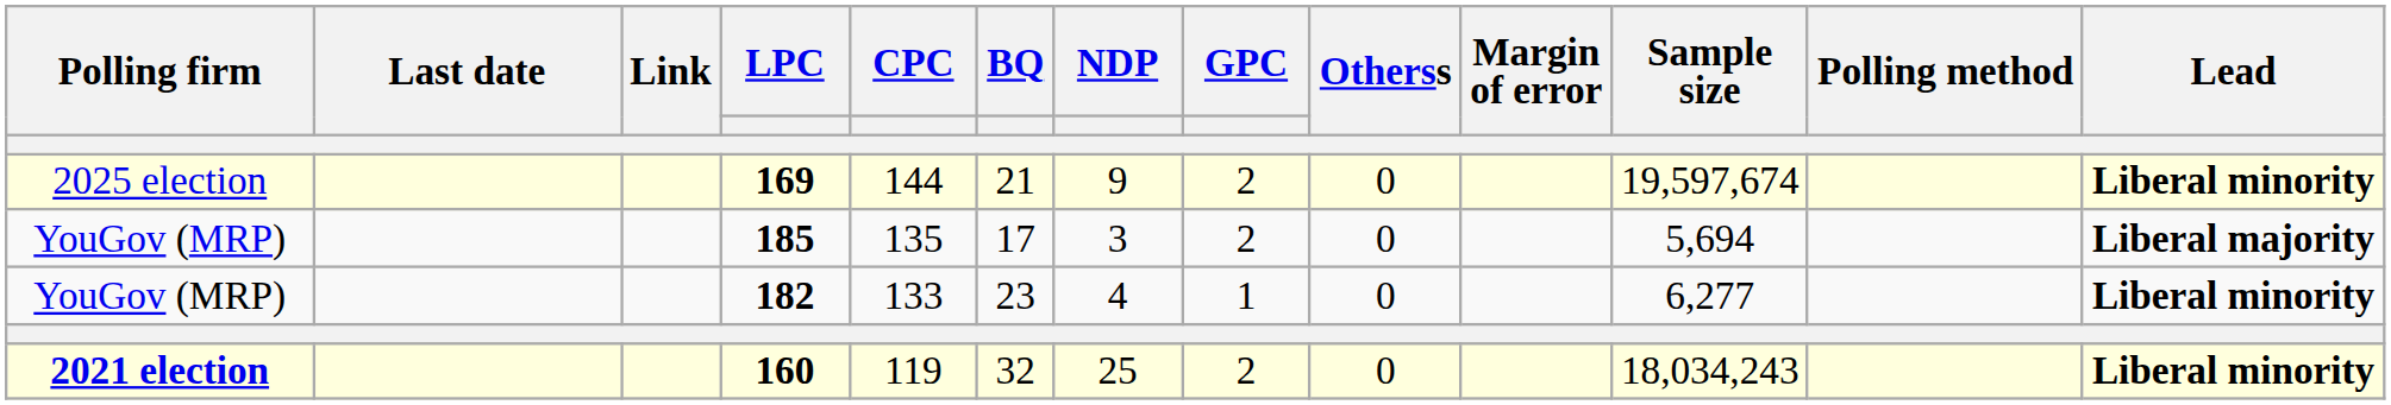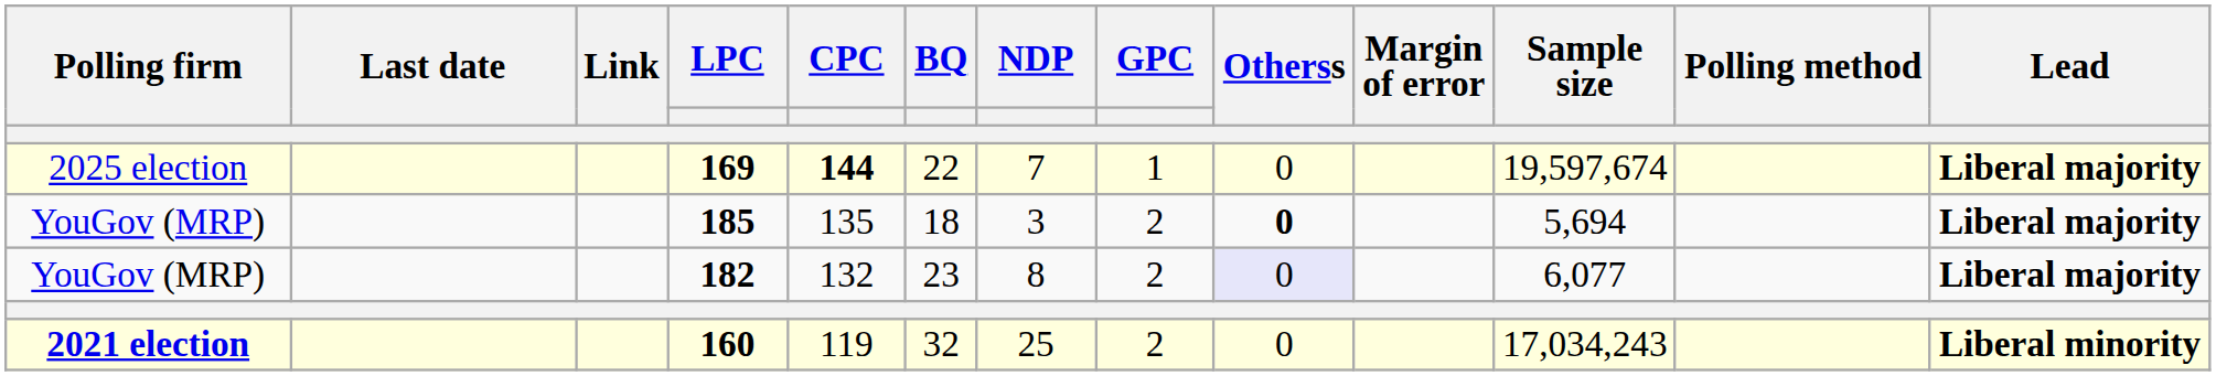 <table class="wikitable sortable mw-datatable mw-collapsible" style="text-align:center;font-size:90%;line-height:14px;">
 <tr style="height:40px;">
 <th rowspan="2" style="width:105px;">Polling firm</th>
 <th rowspan="2" style="width:105px;">Last date</th>
 <th rowspan="2">Link</th>
 <th style="width:40px;"><a href='#'>LPC</a></th>
 <th style="width:40px;"><a href='#'>CPC</a></th>
 <th><a href='#'>BQ</a></th>
 <th style="width:40px;"><a href='#'>NDP</a></th>
 <th style="width:40px;"><a href='#'>GPC</a></th>
 <th rowspan="2" style="width:40px"><a href='#'>Others</a>s</th>
 <th rowspan="2">Margin<br>of error</th>
 <th rowspan="2">Sample<br>size</th>
 <th rowspan="2">Polling method</th>
 <th rowspan="2">Lead</th>
 </tr>
 <tr class="sorttop">
 <th style="background:"></th>
 <th style="background:"></th>
 <th style="background:"></th>
 <th style="background:"></th>
 <th style="background:"></th>
 </tr>
 <tr>
 <th colspan="14"></th>
 </tr>
 <tr style="background:#ffd;">
 <td><a href='#'>2025 election</a></td>
 <td></td>
 <td></td>
 <td><strong>169</strong></td>
-<td>144</td>
-<td>21</td>
-<td>9</td>
-<td>2</td>
+<td><strong>144</strong></td>
+<td>22</td>
+<td>7</td>
+<td>1</td>
 <td>0</td>
 <td></td>
 <td>19,597,674</td>
 <td></td>
-<td><strong>Liberal minority</strong></td>
+<td><strong>Liberal majority</strong></td>
 </tr>
 <tr>
 <td><a href='#'>YouGov</a> (<a href='#'>MRP</a>)</td>
 <td></td>
 <td></td>
 <td><strong>185</strong></td>
 <td>135</td>
-<td>17</td>
+<td>18</td>
 <td>3</td>
 <td>2</td>
-<td>0</td>
+<td><strong>0</strong></td>
 <td></td>
 <td>5,694</td>
 <td></td>
 <td><strong>Liberal majority</strong></td>
 </tr>
 <tr>
 <td><a href='#'>YouGov</a> (MRP)</td>
 <td></td>
 <td></td>
 <td><strong>182</strong></td>
-<td>133</td>
+<td>132</td>
 <td>23</td>
-<td>4</td>
-<td>1</td>
-<td>0</td>
+<td>8</td>
+<td>2</td>
+<td style="background: lavender;">0</td>
 <td></td>
-<td>6,277</td>
+<td>6,077</td>
 <td></td>
-<td><strong>Liberal minority</strong></td>
+<td><strong>Liberal majority</strong></td>
 </tr>
 <tr>
 <th colspan="14"></th>
 </tr>
 <tr style="background:#ffd;">
 <td><strong><a href='#'>2021 election</a></strong></td>
 <td></td>
 <td></td>
 <td><strong>160</strong></td>
 <td>119</td>
 <td>32</td>
 <td>25</td>
 <td>2</td>
 <td>0</td>
 <td></td>
-<td>18,034,243</td>
+<td>17,034,243</td>
 <td></td>
 <td><strong>Liberal minority</strong></td>
 </tr>
 </table>
